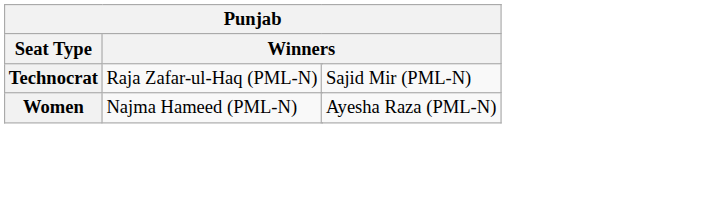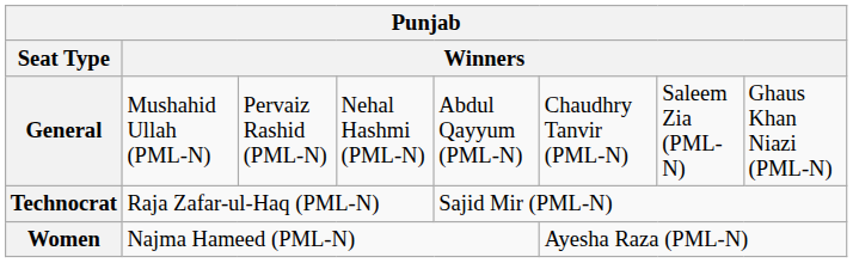 <table class="wikitable">
 <tr>
 <th colspan="8">Punjab</th>
 </tr>
 <tr>
 <th>Seat Type</th>
 <th colspan="7">Winners</th>
+</tr>
+<tr>
+<th>General</th>
+<td style="background:">Mushahid Ullah<br>(PML-N)</td>
+<td style="background:">Pervaiz Rashid<br>(PML-N)</td>
+<td style="background:">Nehal Hashmi<br>(PML-N)</td>
+<td style="background:">Abdul Qayyum<br>(PML-N)</td>
+<td style="background:">Chaudhry Tanvir<br>(PML-N)</td>
+<td style="background:">Saleem Zia<br>(PML-N)</td>
+<td style="background:">Ghaus Khan Niazi<br>(PML-N)</td>
 </tr>
 <tr>
 <th>Technocrat</th>
 <td colspan="3" style="background:">Raja Zafar-ul-Haq (PML-N)</td>
 <td colspan="4" style="background:">Sajid Mir (PML-N)</td>
 </tr>
 <tr>
 <th>Women</th>
 <td colspan="4" style="background:">Najma Hameed (PML-N)</td>
 <td colspan="3" style="background:">Ayesha Raza (PML-N)</td>
 </tr>
 </table>
